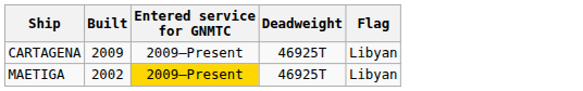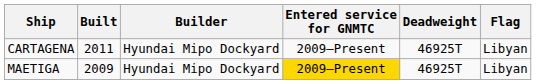 <table class="wikitable">
 <tr>
 <th>Ship</th>
 <th>Built</th>
+<th>Builder</th>
 <th>Entered service <br>for GNMTC</th>
 <th>Deadweight</th>
 <th>Flag</th>
 </tr>
 <tr>
 <td>CARTAGENA</td>
-<td align="Center">2009</td>
+<td align="Center">2011</td>
+<td align="Center">Hyundai Mipo Dockyard</td>
 <td align="Center">2009–Present</td>
 <td align="Center">46925T</td>
 <td>Libyan</td>
 </tr>
 <tr>
 <td>MAETIGA</td>
-<td align="Center">2002</td>
+<td align="Center">2009</td>
+<td align="Center">Hyundai Mipo Dockyard</td>
 <td align="Center" style="background: gold;">2009–Present</td>
 <td align="Center">46925T</td>
 <td>Libyan</td>
 </tr>
 </table>
